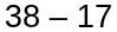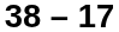 <table style="text-align:center">
 <tr>
 <th width=200></th>
 <th width=100></th>
 <th width=200></th>
 </tr>
 <tr>
 <td align=right><strong></strong></td>
-<td>38 – 17</td>
+<td><strong>38 – 17</strong></td>
 <td align=left></td>
 </tr>
 </table>
